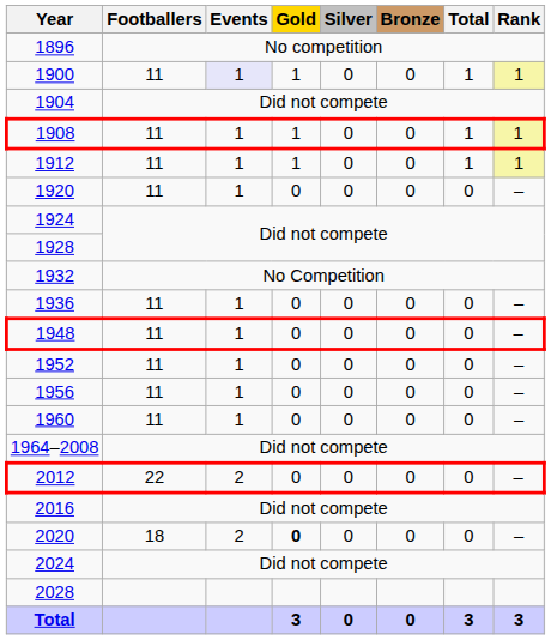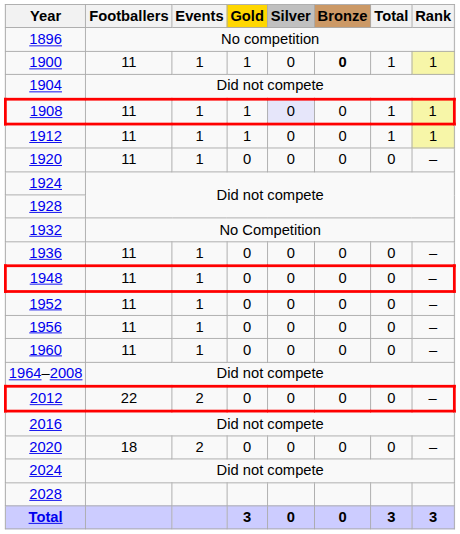 <table class="wikitable sortable collapsible collapsed">
 <tr>
 <th>Year</th>
 <th>Footballers</th>
 <th>Events</th>
 <th style="text-align:center; background-color:gold;"><strong>Gold</strong></th>
 <th style="text-align:center; background-color:silver;"><strong>Silver</strong></th>
 <th style="text-align:center; background-color:#c96;"><strong>Bronze</strong></th>
 <th>Total</th>
 <th>Rank</th>
 </tr>
 <tr style="text-align:center">
 <td><a href='#'>1896</a></td>
 <td colspan=7>No competition</td>
 </tr>
 <tr style="text-align:center">
 <td><a href='#'>1900</a></td>
 <td>11</td>
-<td style="background: lavender;">1</td>
+<td>1</td>
 <td>1</td>
 <td>0</td>
-<td>0</td>
+<td><strong>0</strong></td>
 <td>1</td>
 <td style="background-color:#F7F6A8">1</td>
 </tr>
 <tr style="text-align:center">
 <td><a href='#'>1904</a></td>
 <td colspan=7>Did not compete</td>
 </tr>
 <tr style="text-align:center;border: 3px solid red">
 <td><a href='#'>1908</a></td>
 <td>11</td>
 <td>1</td>
 <td>1</td>
-<td>0</td>
+<td style="background: lavender;">0</td>
 <td>0</td>
 <td>1</td>
 <td style="background-color:#F7F6A8">1</td>
 </tr>
 <tr style="text-align:center">
 <td><a href='#'>1912</a></td>
 <td>11</td>
 <td>1</td>
 <td>1</td>
 <td>0</td>
 <td>0</td>
 <td>1</td>
 <td style="background-color:#F7F6A8">1</td>
 </tr>
 <tr style="text-align:center">
 <td><a href='#'>1920</a></td>
 <td>11</td>
 <td>1</td>
 <td>0</td>
 <td>0</td>
 <td>0</td>
 <td>0</td>
 <td>–</td>
 </tr>
 <tr style="text-align:center">
 <td><a href='#'>1924</a></td>
 <td colspan=7 rowspan=2>Did not compete</td>
 </tr>
 <tr style="text-align:center">
 <td><a href='#'>1928</a></td>
 </tr>
 <tr style="text-align:center">
 <td><a href='#'>1932</a></td>
 <td colspan="7">No Competition</td>
 </tr>
 <tr style="text-align:center">
 <td><a href='#'>1936</a></td>
 <td>11</td>
 <td>1</td>
 <td>0</td>
 <td>0</td>
 <td>0</td>
 <td>0</td>
 <td>–</td>
 </tr>
 <tr style="text-align:center;border: 3px solid red">
 <td><a href='#'>1948</a></td>
 <td>11</td>
 <td>1</td>
 <td>0</td>
 <td>0</td>
 <td>0</td>
 <td>0</td>
 <td>–</td>
 </tr>
 <tr style="text-align:center">
 <td><a href='#'>1952</a></td>
 <td>11</td>
 <td>1</td>
 <td>0</td>
 <td>0</td>
 <td>0</td>
 <td>0</td>
 <td>–</td>
 </tr>
 <tr style="text-align:center">
 <td><a href='#'>1956</a></td>
 <td>11</td>
 <td>1</td>
 <td>0</td>
 <td>0</td>
 <td>0</td>
 <td>0</td>
 <td>–</td>
 </tr>
 <tr style="text-align:center">
 <td><a href='#'>1960</a></td>
 <td>11</td>
 <td>1</td>
 <td>0</td>
 <td>0</td>
 <td>0</td>
 <td>0</td>
 <td>–</td>
 </tr>
 <tr style="text-align:center">
 <td><a href='#'>1964</a>–<a href='#'>2008</a></td>
 <td colspan="7">Did not compete</td>
 </tr>
 <tr style="text-align:center;border: 3px solid red">
 <td><a href='#'>2012</a></td>
 <td>22</td>
 <td>2</td>
 <td>0</td>
 <td>0</td>
 <td>0</td>
 <td>0</td>
 <td>–</td>
 </tr>
 <tr style="text-align:center">
 <td><a href='#'>2016</a></td>
 <td colspan="7">Did not compete</td>
 </tr>
 <tr style="text-align:center">
 <td><a href='#'>2020</a></td>
 <td>18</td>
 <td>2</td>
-<td><strong>0</strong></td>
+<td>0</td>
 <td>0</td>
 <td>0</td>
 <td>0</td>
 <td>–</td>
 </tr>
 <tr style="text-align:center">
 <td><a href='#'>2024</a></td>
 <td colspan="7">Did not compete</td>
 </tr>
 <tr style="text-align:center">
 <td><a href='#'>2028</a></td>
 <td></td>
 <td></td>
 <td></td>
 <td></td>
 <td></td>
 <td></td>
 <td></td>
 </tr>
 <tr style="text-align:center; background-color:#ccf;">
 <td><strong><a href='#'>Total</a></strong></td>
 <td></td>
 <td></td>
 <td><strong>3</strong></td>
 <td><strong>0</strong></td>
 <td><strong>0</strong></td>
 <td><strong>3</strong></td>
 <td><strong>3</strong></td>
 </tr>
 </table>
